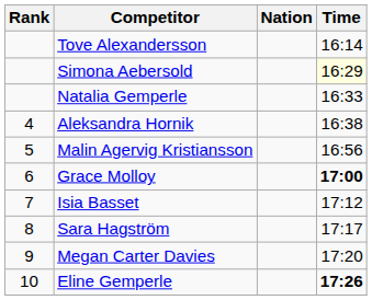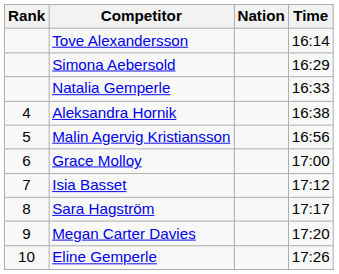 <table class="wikitable sortable" style="text-align:left">
 <tr>
 <th data-sort-type="number">Rank</th>
 <th class="unsortable">Competitor</th>
 <th>Nation</th>
 <th>Time</th>
 </tr>
 <tr>
 <td style="text-align:center"></td>
 <td><a href='#'>Tove Alexandersson</a></td>
 <td></td>
 <td style="text-align:right">16:14</td>
 </tr>
 <tr>
 <td style="text-align:center"></td>
 <td><a href='#'>Simona Aebersold</a></td>
 <td></td>
-<td style="background: lightyellow; text-align:right">16:29</td>
+<td style="text-align:right">16:29</td>
 </tr>
 <tr>
 <td style="text-align:center"></td>
 <td><a href='#'>Natalia Gemperle</a></td>
 <td></td>
 <td style="text-align:right">16:33</td>
 </tr>
 <tr>
 <td style="text-align:center">4</td>
 <td><a href='#'>Aleksandra Hornik</a></td>
 <td></td>
 <td style="text-align:right">16:38</td>
 </tr>
 <tr>
 <td style="text-align:center">5</td>
 <td><a href='#'>Malin Agervig Kristiansson</a></td>
 <td></td>
 <td style="text-align:right">16:56</td>
 </tr>
 <tr>
 <td style="text-align:center">6</td>
 <td><a href='#'>Grace Molloy</a></td>
 <td></td>
-<td style="text-align:right"><strong>17:00</strong></td>
+<td style="text-align:right">17:00</td>
 </tr>
 <tr>
 <td style="text-align:center">7</td>
 <td><a href='#'>Isia Basset</a></td>
 <td></td>
 <td style="text-align:right">17:12</td>
 </tr>
 <tr>
 <td style="text-align:center">8</td>
 <td><a href='#'>Sara Hagström</a></td>
 <td></td>
 <td style="text-align:right">17:17</td>
 </tr>
 <tr>
 <td style="text-align:center">9</td>
 <td><a href='#'>Megan Carter Davies</a></td>
 <td></td>
 <td style="text-align:right">17:20</td>
 </tr>
 <tr>
 <td style="text-align:center">10</td>
 <td><a href='#'>Eline Gemperle</a></td>
 <td></td>
-<td style="text-align:right"><strong>17:26</strong></td>
+<td style="text-align:right">17:26</td>
 </tr>
 <tr>
 </tr>
 </table>
